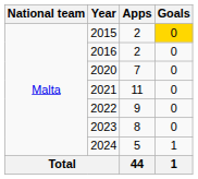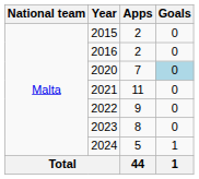 <table class="wikitable" style="text-align: center;">
 <tr>
 <th>National team</th>
 <th>Year</th>
 <th>Apps</th>
 <th>Goals</th>
 </tr>
 <tr>
 <td rowspan="7"><a href='#'>Malta</a></td>
 <td>2015</td>
 <td>2</td>
-<td style="background: gold;">0</td>
+<td>0</td>
 </tr>
 <tr>
 <td>2016</td>
 <td>2</td>
 <td>0</td>
 </tr>
 <tr>
 <td>2020</td>
 <td>7</td>
-<td>0</td>
+<td style="background: lightblue;">0</td>
 </tr>
 <tr>
 <td>2021</td>
 <td>11</td>
 <td>0</td>
 </tr>
 <tr>
 <td>2022</td>
 <td>9</td>
 <td>0</td>
 </tr>
 <tr>
 <td>2023</td>
 <td>8</td>
 <td>0</td>
 </tr>
 <tr>
 <td>2024</td>
 <td>5</td>
 <td>1</td>
 </tr>
 <tr>
 <th colspan="2">Total</th>
 <th>44</th>
 <th>1</th>
 </tr>
 </table>
